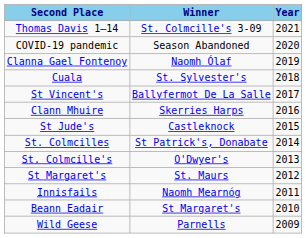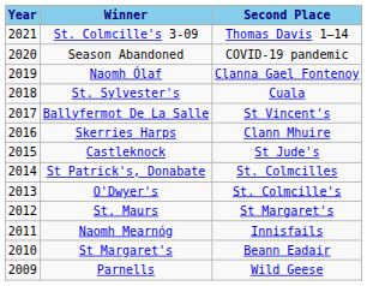 <table class="wikitable" style="text-align:center;">
 <tr>
+<th style="background:skyblue;color:navy;">Year</th>
+<th style="background:skyblue;color:navy;">Winner</th>
 <th style="background:skyblue;color:navy;">Second Place</th>
-<th style="background:skyblue;color:navy;">Winner</th>
-<th style="background:skyblue;color:navy;">Year</th>
 </tr>
 <tr>
+<td>2021</td>
+<td><a href='#'>St. Colmcille's</a> 3-09</td>
 <td><a href='#'>Thomas Davis</a> 1–14</td>
-<td><a href='#'>St. Colmcille's</a> 3-09</td>
-<td>2021</td>
 </tr>
 <tr>
+<td>2020</td>
+<td>Season Abandoned</td>
 <td>COVID-19 pandemic</td>
-<td>Season Abandoned</td>
-<td>2020</td>
 </tr>
 <tr>
+<td>2019</td>
+<td><a href='#'>Naomh Ólaf</a></td>
 <td><a href='#'>Clanna Gael Fontenoy</a></td>
-<td><a href='#'>Naomh Ólaf</a></td>
-<td>2019</td>
 </tr>
 <tr>
+<td>2018</td>
+<td><a href='#'>St. Sylvester's</a></td>
 <td><a href='#'>Cuala</a></td>
-<td><a href='#'>St. Sylvester's</a></td>
-<td>2018</td>
 </tr>
 <tr>
+<td>2017</td>
+<td><a href='#'>Ballyfermot De La Salle</a></td>
 <td><a href='#'>St Vincent's</a></td>
-<td><a href='#'>Ballyfermot De La Salle</a></td>
-<td>2017</td>
 </tr>
 <tr>
+<td>2016</td>
+<td><a href='#'>Skerries Harps</a></td>
 <td><a href='#'>Clann Mhuire</a></td>
-<td><a href='#'>Skerries Harps</a></td>
-<td>2016</td>
 </tr>
 <tr>
+<td>2015</td>
+<td><a href='#'>Castleknock</a></td>
 <td><a href='#'>St Jude's</a></td>
-<td><a href='#'>Castleknock</a></td>
-<td>2015</td>
 </tr>
 <tr>
+<td>2014</td>
+<td><a href='#'>St Patrick's, Donabate</a></td>
 <td><a href='#'>St. Colmcilles</a></td>
-<td><a href='#'>St Patrick's, Donabate</a></td>
-<td>2014</td>
 </tr>
 <tr>
+<td>2013</td>
+<td><a href='#'>O'Dwyer's</a></td>
 <td><a href='#'>St. Colmcille's</a></td>
-<td><a href='#'>O'Dwyer's</a></td>
-<td>2013</td>
 </tr>
 <tr>
+<td>2012</td>
+<td><a href='#'>St. Maurs</a></td>
 <td><a href='#'>St Margaret's</a></td>
-<td><a href='#'>St. Maurs</a></td>
-<td>2012</td>
 </tr>
 <tr>
+<td>2011</td>
+<td><a href='#'>Naomh Mearnóg</a></td>
 <td><a href='#'>Innisfails</a></td>
-<td><a href='#'>Naomh Mearnóg</a></td>
-<td>2011</td>
 </tr>
 <tr>
+<td>2010</td>
+<td><a href='#'>St Margaret's</a></td>
 <td><a href='#'>Beann Eadair</a></td>
-<td><a href='#'>St Margaret's</a></td>
-<td>2010</td>
 </tr>
 <tr>
+<td>2009</td>
+<td><a href='#'>Parnells</a></td>
 <td><a href='#'>Wild Geese</a></td>
-<td><a href='#'>Parnells</a></td>
-<td>2009</td>
 </tr>
 </table>
